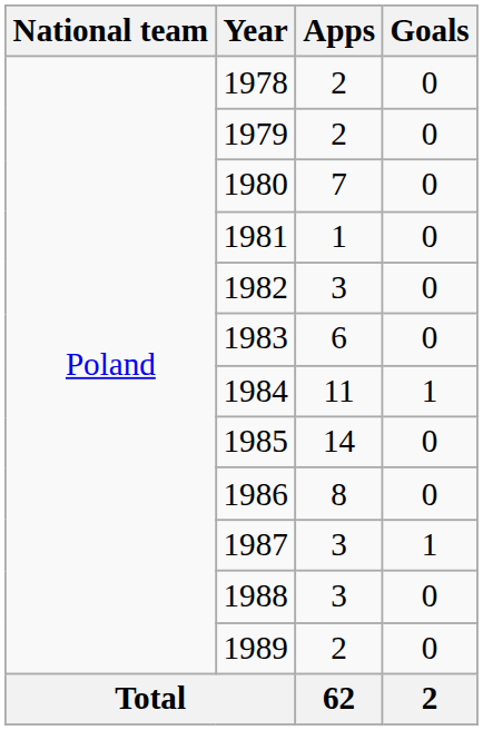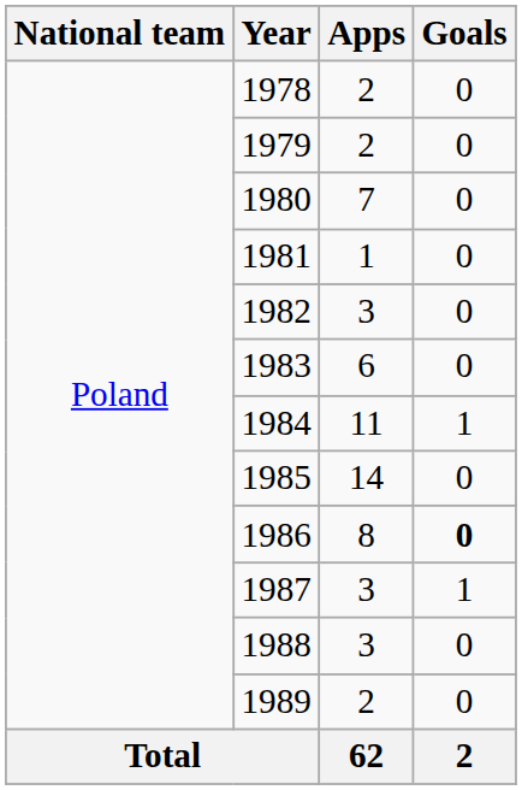 <table class="wikitable" style="text-align:center">
 <tr>
 <th>National team</th>
 <th>Year</th>
 <th>Apps</th>
 <th>Goals</th>
 </tr>
 <tr>
 <td rowspan="12"><a href='#'>Poland</a></td>
 <td>1978</td>
 <td>2</td>
 <td>0</td>
 </tr>
 <tr>
 <td>1979</td>
 <td>2</td>
 <td>0</td>
 </tr>
 <tr>
 <td>1980</td>
 <td>7</td>
 <td>0</td>
 </tr>
 <tr>
 <td>1981</td>
 <td>1</td>
 <td>0</td>
 </tr>
 <tr>
 <td>1982</td>
 <td>3</td>
 <td>0</td>
 </tr>
 <tr>
 <td>1983</td>
 <td>6</td>
 <td>0</td>
 </tr>
 <tr>
 <td>1984</td>
 <td>11</td>
 <td>1</td>
 </tr>
 <tr>
 <td>1985</td>
 <td>14</td>
 <td>0</td>
 </tr>
 <tr>
 <td>1986</td>
 <td>8</td>
-<td>0</td>
+<td><strong>0</strong></td>
 </tr>
 <tr>
 <td>1987</td>
 <td>3</td>
 <td>1</td>
 </tr>
 <tr>
 <td>1988</td>
 <td>3</td>
 <td>0</td>
 </tr>
 <tr>
 <td>1989</td>
 <td>2</td>
 <td>0</td>
 </tr>
 <tr>
 <th colspan="2">Total</th>
 <th>62</th>
 <th>2</th>
 </tr>
 </table>
